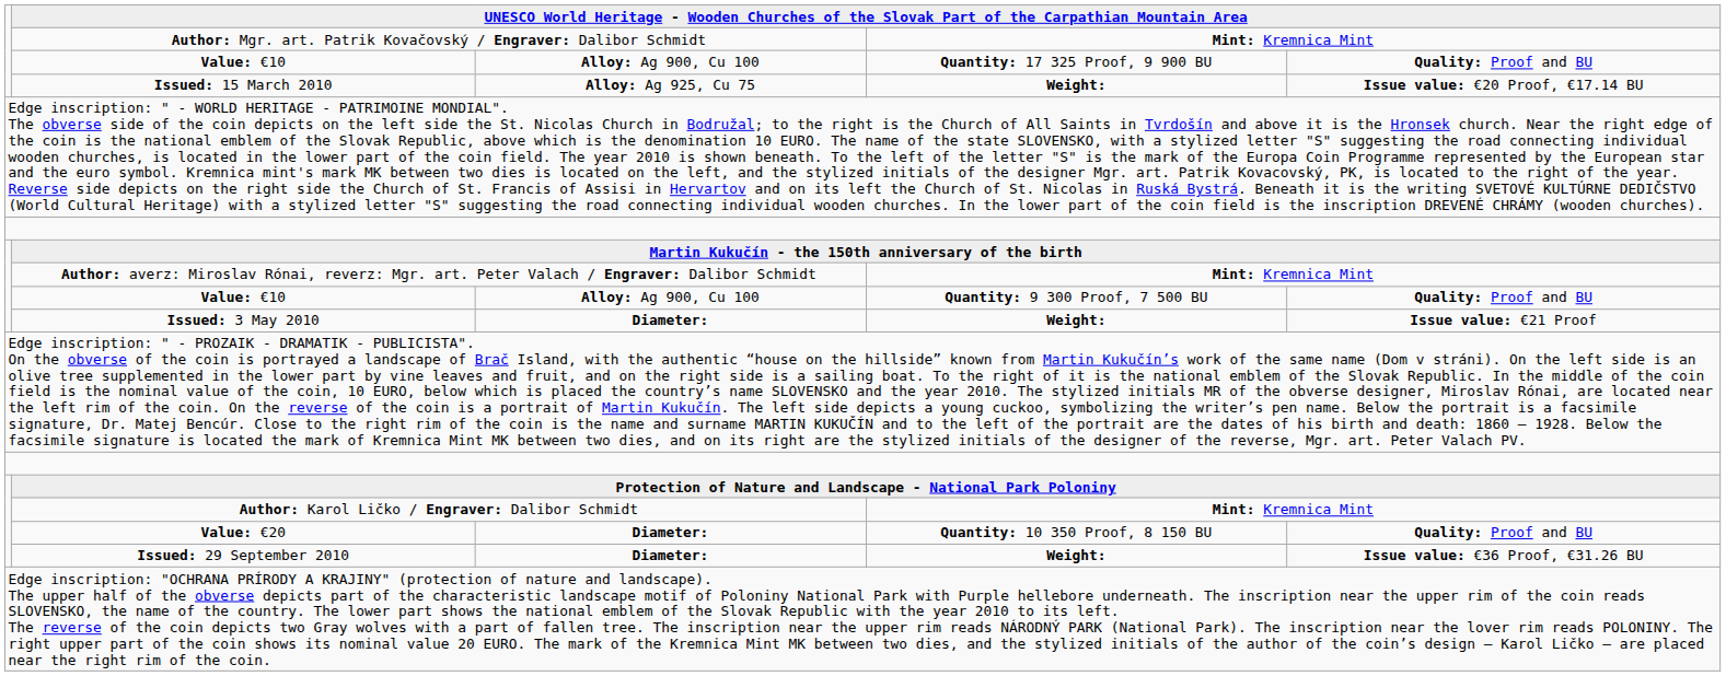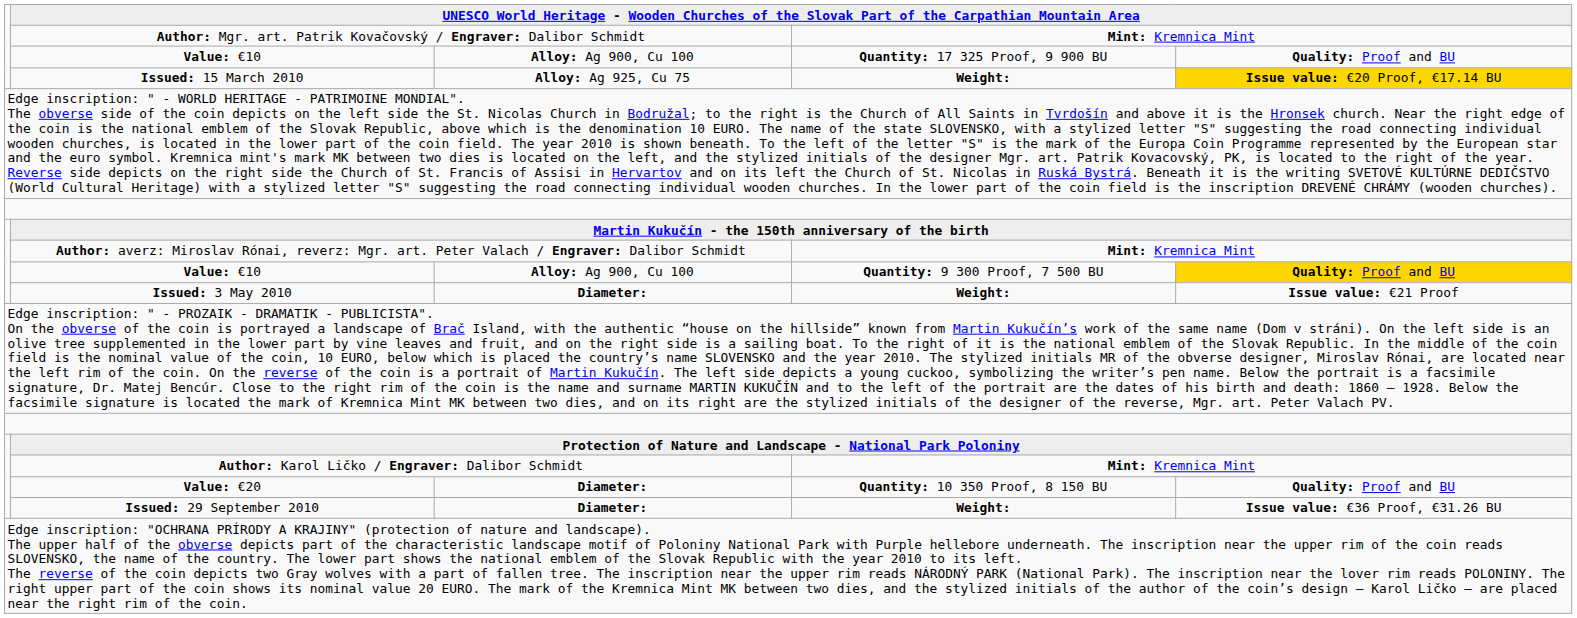 <table class="wikitable" style="width:100%;">
 <tr>
 <td rowspan="4"  style="white-space:nowrap; width:330px; text-align:center;"></td>
 <th colspan="4"  style="text-align:center; background:#eee;"><a href='#'>UNESCO World Heritage</a> - <a href='#'>Wooden Churches of the Slovak Part of the Carpathian Mountain Area</a></th>
 </tr>
 <tr>
 <td colspan="2"  style="width:50%; text-align:center;"><strong>Author:</strong> Mgr. art. Patrik Kovačovský / <strong>Engraver:</strong> Dalibor Schmidt</td>
 <td colspan="2"  style="width:50%; text-align:center;"><strong>Mint:</strong> <a href='#'>Kremnica Mint</a></td>
 </tr>
 <tr>
 <td align=center><strong>Value:</strong> €10</td>
 <td align=center><strong>Alloy:</strong> Ag 900, Cu 100</td>
 <td align=center><strong>Quantity:</strong> 17 325 Proof, 9 900 BU</td>
 <td align=center><strong>Quality:</strong> <a href='#'>Proof</a> and <a href='#'>BU</a></td>
 </tr>
 <tr>
 <td align=center><strong>Issued:</strong> 15 March 2010</td>
 <td align=center><strong>Alloy:</strong> Ag 925, Cu 75</td>
 <td align=center><strong>Weight:</strong> </td>
-<td align=center><strong>Issue value:</strong> €20 Proof, €17.14 BU</td>
+<td align=center style="background: gold;"><strong>Issue value:</strong> €20 Proof, €17.14 BU</td>
 </tr>
 <tr>
 <td colspan="5" style="text-align:left;">Edge inscription: " - WORLD HERITAGE - PATRIMOINE MONDIAL".<br>The <a href='#'>obverse</a> side of the coin depicts on the left side the St. Nicolas Church in <a href='#'>Bodružal</a>; to the right is the Church of All Saints in <a href='#'>Tvrdošín</a> and above it is the <a href='#'>Hronsek</a> church. Near the right edge of the coin is the national emblem of the Slovak Republic, above which is the denomination 10 EURO. The name of the state SLOVENSKO, with a stylized letter "S" suggesting the road connecting individual wooden churches, is located in the lower part of the coin field. The year 2010 is shown beneath. To the left of the letter "S" is the mark of the Europa Coin Programme represented by the European star and the euro symbol. Kremnica mint's mark MK between two dies is located on the left, and the stylized initials of the designer Mgr. art. Patrik Kovacovský, PK, is located to the right of the year.<br><a href='#'>Reverse</a> side depicts on the right side the Church of St. Francis of Assisi in <a href='#'>Hervartov</a> and on its left the Church of St. Nicolas in <a href='#'>Ruská Bystrá</a>. Beneath it is the writing SVETOVÉ KULTÚRNE DEDIČSTVO (World Cultural Heritage) with a stylized letter "S" suggesting the road connecting individual wooden churches. In the lower part of the coin field is the inscription DREVENÉ CHRÁMY (wooden churches).</td>
 </tr>
 <tr>
 <td colspan="5"> </td>
 </tr>
 <tr>
 <td rowspan="4"  style="white-space:nowrap; width:330px; text-align:center;"></td>
 <th colspan="4"  style="text-align:center; background:#eee;"><a href='#'>Martin Kukučín</a> - the 150th anniversary of the birth</th>
 </tr>
 <tr>
 <td colspan="2"  style="width:50%; text-align:center;"><strong>Author:</strong> averz: Miroslav Rónai, reverz: Mgr. art. Peter Valach / <strong>Engraver:</strong> Dalibor Schmidt</td>
 <td colspan="2"  style="width:50%; text-align:center;"><strong>Mint:</strong> <a href='#'>Kremnica Mint</a></td>
 </tr>
 <tr>
 <td align=center><strong>Value:</strong> €10</td>
 <td align=center><strong>Alloy:</strong> Ag 900, Cu 100</td>
 <td align=center><strong>Quantity:</strong> 9 300 Proof, 7 500 BU</td>
-<td align=center><strong>Quality:</strong> <a href='#'>Proof</a> and <a href='#'>BU</a></td>
+<td align=center style="background: gold;"><strong>Quality:</strong> <a href='#'>Proof</a> and <a href='#'>BU</a></td>
 </tr>
 <tr>
 <td align=center><strong>Issued:</strong> 3 May 2010</td>
 <td align=center><strong>Diameter:</strong> </td>
 <td align=center><strong>Weight:</strong> </td>
 <td align=center><strong>Issue value:</strong> €21 Proof</td>
 </tr>
 <tr>
 <td colspan="5" style="text-align:left;">Edge inscription: " - PROZAIK - DRAMATIK - PUBLICISTA".<br>On the <a href='#'>obverse</a> of the coin is portrayed a landscape of <a href='#'>Brač</a> Island, with the authentic “house on the hillside” known from <a href='#'>Martin Kukučín’s</a> work of the same name (Dom v stráni). On the left side is an olive tree supplemented in the lower part by vine leaves and fruit, and on the right side is a sailing boat. To the right of it is the national emblem of the Slovak Republic. In the middle of the coin field is the nominal value of the coin, 10 EURO, below which is placed the country’s name SLOVENSKO and the year 2010. The stylized initials MR of the obverse designer, Miroslav Rónai, are located near the left rim of the coin. On the <a href='#'>reverse</a> of the coin is a portrait of <a href='#'>Martin Kukučín</a>. The left side depicts a young cuckoo, symbolizing the writer’s pen name. Below the portrait is a facsimile signature, Dr. Matej Bencúr. Close to the right rim of the coin is the name and surname MARTIN KUKUČÍN and to the left of the portrait are the dates of his birth and death: 1860 – 1928. Below the facsimile signature is located the mark of Kremnica Mint MK between two dies, and on its right are the stylized initials of the designer of the reverse, Mgr. art. Peter Valach PV.</td>
 </tr>
 <tr>
 <td colspan="5"> </td>
 </tr>
 <tr>
 <td rowspan="4"  style="white-space:nowrap; width:330px; text-align:center;"></td>
 <th colspan="4"  style="text-align:center; background:#eee;">Protection of Nature and Landscape - <a href='#'>National Park Poloniny</a></th>
 </tr>
 <tr>
 <td colspan="2"  style="width:50%; text-align:center;"><strong>Author:</strong> Karol Ličko / <strong>Engraver:</strong> Dalibor Schmidt</td>
 <td colspan="2"  style="width:50%; text-align:center;"><strong>Mint:</strong> <a href='#'>Kremnica Mint</a></td>
 </tr>
 <tr>
 <td align=center><strong>Value:</strong> €20</td>
 <td align=center><strong>Diameter:</strong> </td>
 <td align=center><strong>Quantity:</strong> 10 350 Proof, 8 150 BU</td>
 <td align=center><strong>Quality:</strong> <a href='#'>Proof</a> and <a href='#'>BU</a></td>
 </tr>
 <tr>
 <td align=center><strong>Issued:</strong> 29 September 2010</td>
 <td align=center><strong>Diameter:</strong> </td>
 <td align=center><strong>Weight:</strong> </td>
 <td align=center><strong>Issue value:</strong> €36 Proof, €31.26 BU</td>
 </tr>
 <tr>
 <td colspan="5" style="text-align:left;">Edge inscription: "OCHRANA PRÍRODY A KRAJINY" (protection of nature and landscape).<br>The upper half of the <a href='#'>obverse</a> depicts part of the characteristic landscape motif of Poloniny National Park with Purple hellebore underneath. The inscription near the upper rim of the coin reads SLOVENSKO, the name of the country. The lower part shows the national emblem of the Slovak Republic with the year 2010 to its left.<br>The <a href='#'>reverse</a> of the coin depicts two Gray wolves with a part of fallen tree. The inscription near the upper rim reads NÁRODNÝ PARK (National Park). The inscription near the lover rim reads POLONINY. The right upper part of the coin shows its nominal value 20 EURO. The mark of the Kremnica Mint MK between two dies, and the stylized initials of the author of the coin’s design – Karol Ličko – are placed near the right rim of the coin.</td>
 </tr>
 </table>
